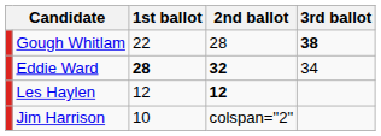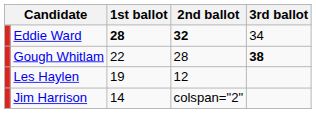 <table class="wikitable">
 <tr>
 <th colspan="2">Candidate</th>
 <th>1st ballot</th>
 <th>2nd ballot</th>
 <th>3rd ballot</th>
+</tr>
+<tr>
+<td style="background:#DC241F"></td>
+<td><a href='#'>Eddie Ward</a></td>
+<td><strong>28</strong></td>
+<td><strong>32</strong></td>
+<td>34</td>
 </tr>
 <tr>
 <td style="background:#DC241F"></td>
 <td><a href='#'>Gough Whitlam</a></td>
 <td>22</td>
 <td>28</td>
 <td><strong>38</strong></td>
 </tr>
 <tr>
 <td style="background:#DC241F"></td>
-<td><a href='#'>Eddie Ward</a></td>
-<td><strong>28</strong></td>
-<td><strong>32</strong></td>
-<td>34</td>
-</tr>
-<tr>
-<td style="background:#DC241F"></td>
 <td><a href='#'>Les Haylen</a></td>
+<td>19</td>
 <td>12</td>
-<td><strong>12</strong></td>
 <td></td>
 </tr>
 <tr>
 <td style="background:#DC241F"></td>
 <td><a href='#'>Jim Harrison</a></td>
-<td>10</td>
+<td>14</td>
 <td>colspan="2" </td>
 </tr>
 </table>
